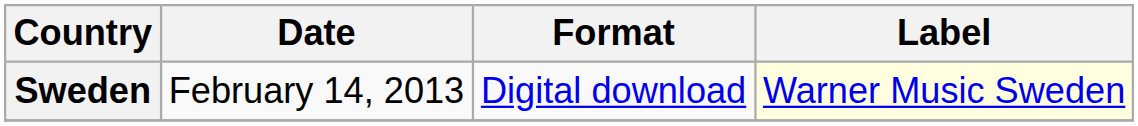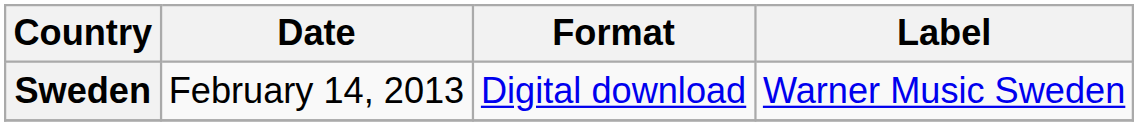 <table class="wikitable plainrowheaders">
 <tr>
 <th scope="col">Country</th>
 <th scope="col">Date</th>
 <th scope="col">Format</th>
 <th scope="col">Label</th>
 </tr>
 <tr>
 <th scope="row">Sweden</th>
 <td>February 14, 2013</td>
 <td><a href='#'>Digital download</a></td>
-<td style="background: lightyellow;"><a href='#'>Warner Music Sweden</a></td>
+<td><a href='#'>Warner Music Sweden</a></td>
 </tr>
 <tr>
 </tr>
 </table>
